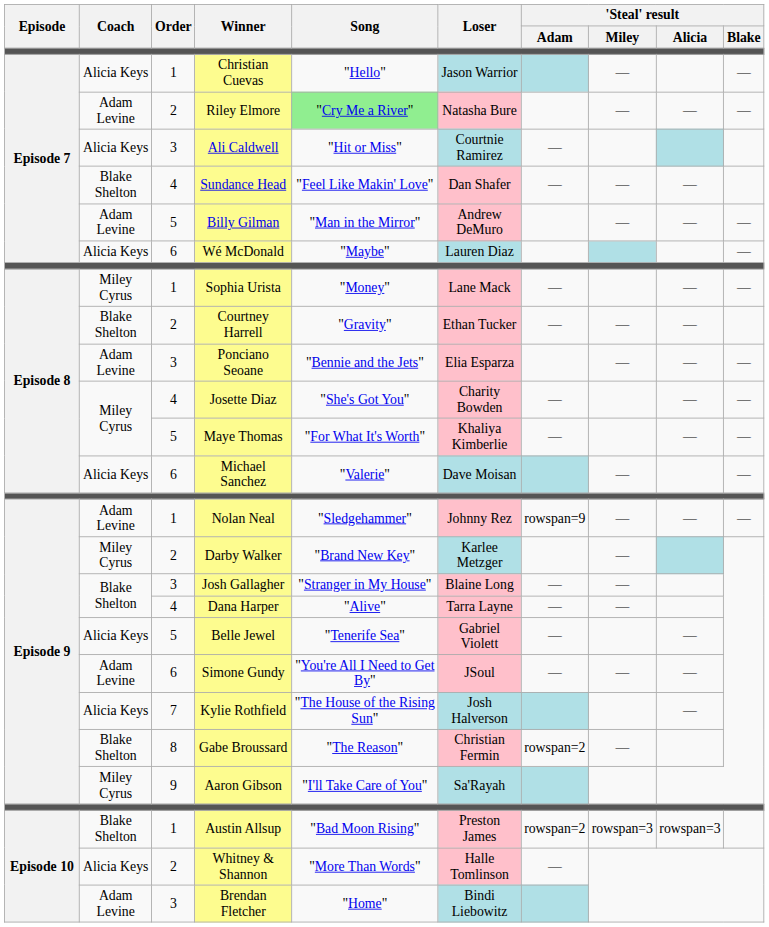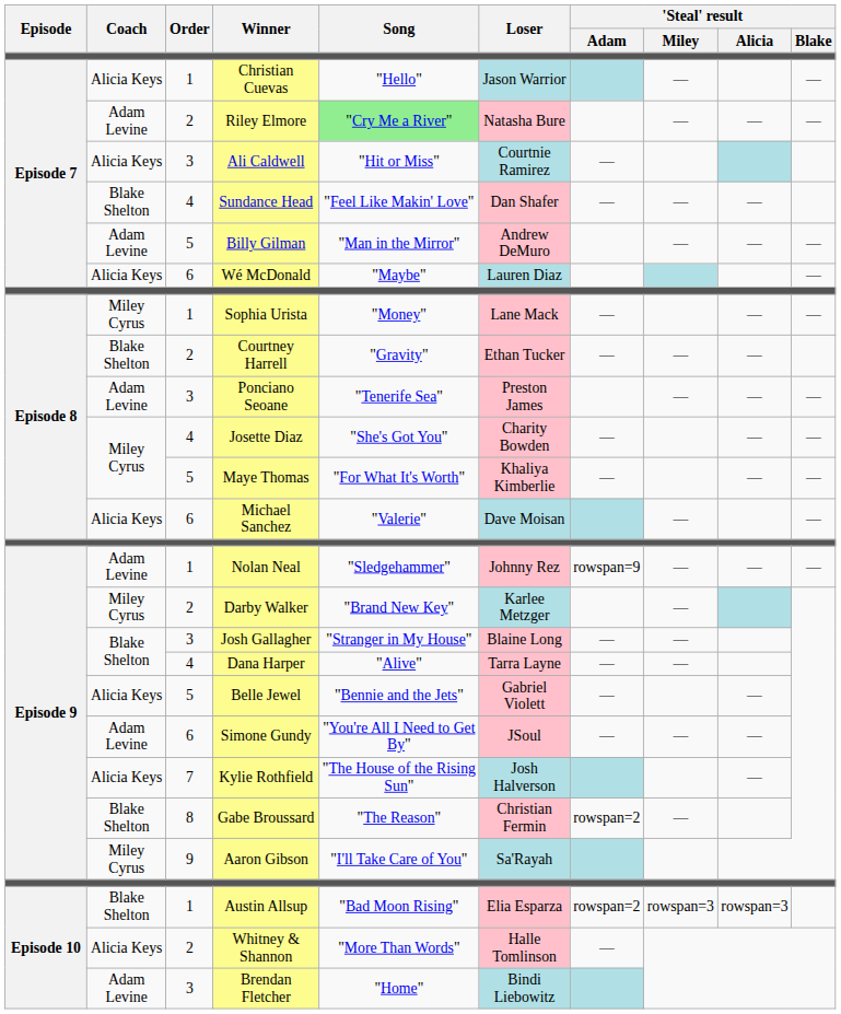 <table class="wikitable" style="text-align: center; width:100%;">
 <tr>
 <th rowspan="2" style="width:15%;">Episode</th>
 <th rowspan="2" style="width:15%;">Coach</th>
 <th rowspan="2" style="width:05%;">Order</th>
 <th rowspan="2" style="width:20%;">Winner</th>
 <th rowspan="2" style="width:30%;">Song</th>
 <th rowspan="2" style="width:20%;">Loser</th>
 <th colspan="4" style="width:20%;">'Steal' result</th>
 </tr>
 <tr>
 <th style="width:05%;">Adam</th>
 <th style="width:05%;">Miley</th>
 <th style="width:05%;">Alicia</th>
 <th style="width:05%;">Blake</th>
 </tr>
 <tr>
 <td colspan="10" style="background:#555;"></td>
 </tr>
 <tr>
 <th rowspan="6">Episode 7<br><small></small></th>
 <td>Alicia Keys</td>
 <td>1</td>
 <td style="background:#fdfc8f;">Christian Cuevas</td>
 <td>"<a href='#'>Hello</a>"</td>
 <td style="background:#B0E0E6;">Jason Warrior</td>
 <td style="background:#B0E0E6;"><strong></strong></td>
 <td>—</td>
 <td></td>
 <td>—</td>
 </tr>
 <tr>
 <td>Adam Levine</td>
 <td>2</td>
 <td style="background:#fdfc8f;">Riley Elmore</td>
 <td style="background: lightgreen;">"<a href='#'>Cry Me a River</a>"</td>
 <td style="background:pink;">Natasha Bure</td>
 <td></td>
 <td>—</td>
 <td>—</td>
 <td>—</td>
 </tr>
 <tr>
 <td>Alicia Keys</td>
 <td>3</td>
 <td style="background:#fdfc8f;"><a href='#'>Ali Caldwell</a></td>
 <td>"<a href='#'>Hit or Miss</a>"</td>
 <td style="background:#B0E0E6;">Courtnie Ramirez</td>
 <td>—</td>
 <td></td>
 <td style="background:#B0E0E6;"><strong></strong></td>
 <td><strong></strong></td>
 </tr>
 <tr>
 <td>Blake Shelton</td>
 <td>4</td>
 <td style="background:#fdfc8f;"><a href='#'>Sundance Head</a></td>
 <td>"<a href='#'>Feel Like Makin' Love</a>"</td>
 <td style="background:pink;">Dan Shafer</td>
 <td>—</td>
 <td>—</td>
 <td>—</td>
 <td></td>
 </tr>
 <tr>
 <td>Adam Levine</td>
 <td>5</td>
 <td style="background:#fdfc8f;"><a href='#'>Billy Gilman</a></td>
 <td>"<a href='#'>Man in the Mirror</a>"</td>
 <td style="background:pink;">Andrew DeMuro</td>
 <td></td>
 <td>—</td>
 <td>—</td>
 <td>—</td>
 </tr>
 <tr>
 <td>Alicia Keys</td>
 <td>6</td>
 <td style="background:#fdfc8f;">Wé McDonald</td>
 <td>"<a href='#'>Maybe</a>"</td>
 <td style="background:#B0E0E6;">Lauren Diaz</td>
 <td><strong></strong></td>
 <td style="background:#B0E0E6;"><strong></strong></td>
 <td></td>
 <td>—</td>
 </tr>
 <tr>
 <td colspan="10" style="background:#555;"></td>
 </tr>
 <tr>
 <th rowspan="6">Episode 8<br><small></small></th>
 <td>Miley Cyrus</td>
 <td>1</td>
 <td style="background:#fdfc8f;">Sophia Urista</td>
 <td>"<a href='#'>Money</a>"</td>
 <td style="background:pink;">Lane Mack</td>
 <td>—</td>
 <td></td>
 <td>—</td>
 <td>—</td>
 </tr>
 <tr>
 <td>Blake Shelton</td>
 <td>2</td>
 <td style="background:#fdfc8f;">Courtney Harrell</td>
 <td>"<a href='#'>Gravity</a>"</td>
 <td style="background:pink;">Ethan Tucker</td>
 <td>—</td>
 <td>—</td>
 <td>—</td>
 <td></td>
 </tr>
 <tr>
 <td>Adam Levine</td>
 <td>3</td>
 <td style="background:#fdfc8f;">Ponciano Seoane</td>
-<td>"<a href='#'>Bennie and the Jets</a>"</td>
-<td style="background:pink;">Elia Esparza</td>
+<td>"<a href='#'>Tenerife Sea</a>"</td>
+<td style="background:pink;">Preston James</td>
 <td></td>
 <td>—</td>
 <td>—</td>
 <td>—</td>
 </tr>
 <tr>
 <td rowspan=2>Miley Cyrus</td>
 <td>4</td>
 <td style="background:#fdfc8f;">Josette Diaz</td>
 <td>"<a href='#'>She's Got You</a>"</td>
 <td style="background:pink;">Charity Bowden</td>
 <td>—</td>
 <td></td>
 <td>—</td>
 <td>—</td>
 </tr>
 <tr>
 <td>5</td>
 <td style="background:#fdfc8f;">Maye Thomas</td>
 <td>"<a href='#'>For What It's Worth</a>"</td>
 <td style="background:pink;">Khaliya Kimberlie</td>
 <td>—</td>
 <td></td>
 <td>—</td>
 <td>—</td>
 </tr>
 <tr>
 <td>Alicia Keys</td>
 <td>6</td>
 <td style="background:#fdfc8f;">Michael Sanchez</td>
 <td>"<a href='#'>Valerie</a>"</td>
 <td style="background:#B0E0E6;">Dave Moisan</td>
 <td style="background:#B0E0E6;"><strong></strong></td>
 <td>—</td>
 <td></td>
 <td>—</td>
 </tr>
 <tr>
 <td colspan="10" style="background:#555;"></td>
 </tr>
 <tr>
 <th rowspan="9">Episode 9<br><small></small></th>
 <td>Adam Levine</td>
 <td>1</td>
 <td style="background:#fdfc8f;">Nolan Neal</td>
 <td>"<a href='#'>Sledgehammer</a>"</td>
 <td style="background:pink;">Johnny Rez</td>
 <td>rowspan=9 </td>
 <td>—</td>
 <td>—</td>
 <td>—</td>
 </tr>
 <tr>
 <td>Miley Cyrus</td>
 <td>2</td>
 <td style="background:#fdfc8f;">Darby Walker</td>
 <td>"<a href='#'>Brand New Key</a>"</td>
 <td style="background:#B0E0E6;">Karlee Metzger</td>
 <td></td>
 <td>—</td>
 <td style="background:#B0E0E6;"><strong></strong></td>
 </tr>
 <tr>
 <td rowspan=2>Blake Shelton</td>
 <td>3</td>
 <td style="background:#fdfc8f;">Josh Gallagher</td>
 <td>"<a href='#'>Stranger in My House</a>"</td>
 <td style="background:pink;">Blaine Long</td>
 <td>—</td>
 <td>—</td>
 <td></td>
 </tr>
 <tr>
 <td>4</td>
 <td style="background:#fdfc8f;">Dana Harper</td>
 <td>"<a href='#'>Alive</a>"</td>
 <td style="background:pink;">Tarra Layne</td>
 <td>—</td>
 <td>—</td>
 <td></td>
 </tr>
 <tr>
 <td>Alicia Keys</td>
 <td>5</td>
 <td style="background:#fdfc8f;">Belle Jewel</td>
-<td>"<a href='#'>Tenerife Sea</a>"</td>
+<td>"<a href='#'>Bennie and the Jets</a>"</td>
 <td style="background:pink;">Gabriel Violett</td>
 <td>—</td>
 <td></td>
 <td>—</td>
 </tr>
 <tr>
 <td>Adam Levine</td>
 <td>6</td>
 <td style="background:#fdfc8f;">Simone Gundy</td>
 <td>"<a href='#'>You're All I Need to Get By</a>"</td>
 <td style="background:pink;">JSoul</td>
 <td>—</td>
 <td>—</td>
 <td>—</td>
 </tr>
 <tr>
 <td>Alicia Keys</td>
 <td>7</td>
 <td style="background:#fdfc8f;">Kylie Rothfield</td>
 <td>"<a href='#'>The House of the Rising Sun</a>"</td>
 <td style="background:#B0E0E6;">Josh Halverson</td>
 <td style="background:#B0E0E6;"><strong></strong></td>
 <td></td>
 <td>—</td>
 </tr>
 <tr>
 <td>Blake Shelton</td>
 <td>8</td>
 <td style="background:#fdfc8f;">Gabe Broussard</td>
 <td>"<a href='#'>The Reason</a>"</td>
 <td style="background:pink;">Christian Fermin</td>
 <td>rowspan=2 </td>
 <td>—</td>
 <td></td>
 </tr>
 <tr>
 <td>Miley Cyrus</td>
 <td>9</td>
 <td style="background:#fdfc8f;">Aaron Gibson</td>
 <td>"<a href='#'>I'll Take Care of You</a>"</td>
 <td style = "background:#B0E0E6;">Sa'Rayah</td>
 <td style="background:#B0E0E6;"><strong></strong></td>
 <td><strong></strong></td>
 </tr>
 <tr>
 <td colspan="10" style="background:#555;"></td>
 </tr>
 <tr>
 <th rowspan="3">Episode 10<br><small></small></th>
 <td>Blake Shelton</td>
 <td>1</td>
 <td style="background:#fdfc8f;">Austin Allsup</td>
 <td>"<a href='#'>Bad Moon Rising</a>"</td>
-<td style="background:pink;">Preston James</td>
+<td style="background:pink;">Elia Esparza</td>
 <td>rowspan=2 </td>
 <td>rowspan=3 </td>
 <td>rowspan=3 </td>
 <td></td>
 </tr>
 <tr>
 <td>Alicia Keys</td>
 <td>2</td>
 <td style="background:#fdfc8f;">Whitney & Shannon</td>
 <td>"<a href='#'>More Than Words</a>"</td>
 <td style="background:pink;">Halle Tomlinson</td>
 <td>—</td>
 </tr>
 <tr>
 <td>Adam Levine</td>
 <td>3</td>
 <td style="background:#fdfc8f;">Brendan Fletcher</td>
 <td>"<a href='#'>Home</a>"</td>
 <td style = "background:#B0E0E6;">Bindi Liebowitz</td>
 <td style="background:#B0E0E6;"><strong></strong></td>
 </tr>
 </table>
